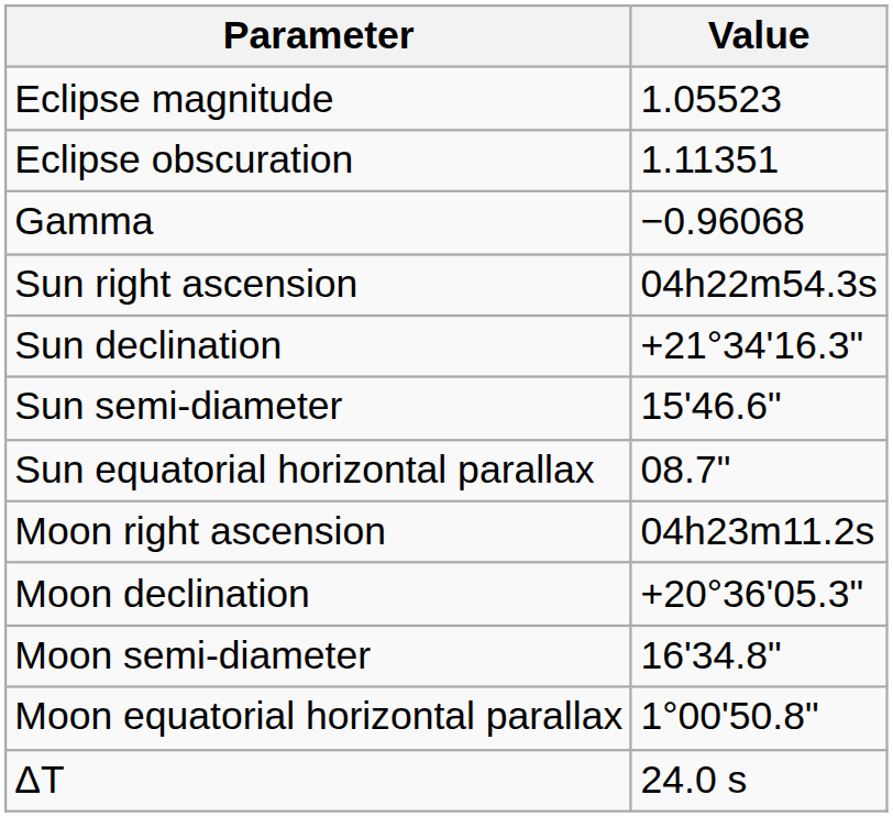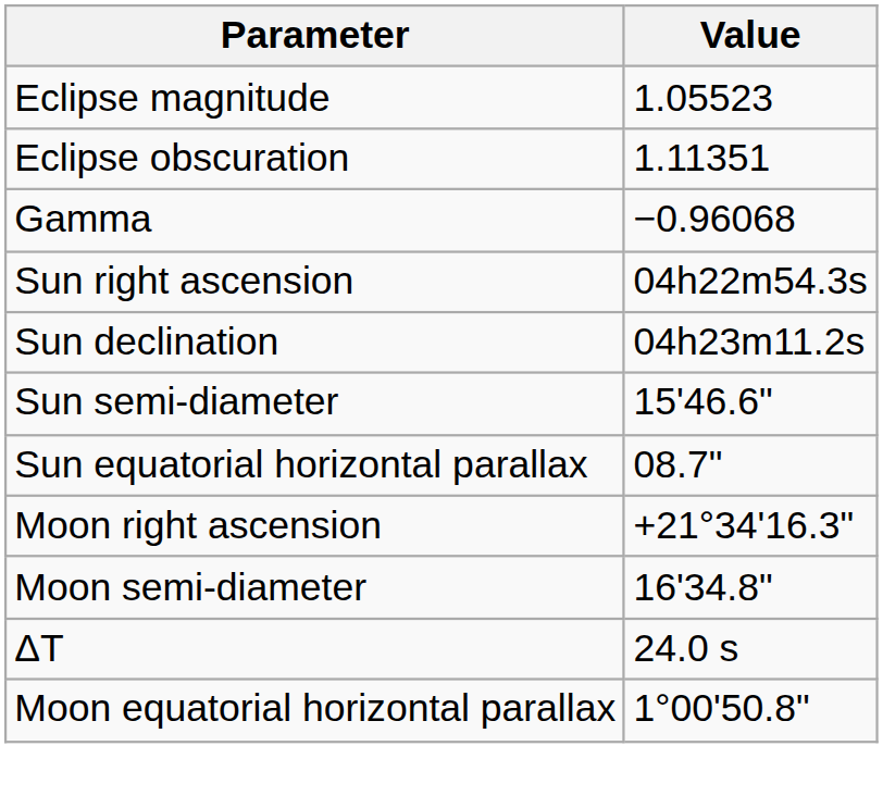 <table class="wikitable">
 <tr>
 <th>Parameter</th>
 <th>Value</th>
 </tr>
 <tr>
 <td>Eclipse magnitude</td>
 <td>1.05523</td>
 </tr>
 <tr>
 <td>Eclipse obscuration</td>
 <td>1.11351</td>
 </tr>
 <tr>
 <td>Gamma</td>
 <td>−0.96068</td>
 </tr>
 <tr>
 <td>Sun right ascension</td>
 <td>04h22m54.3s</td>
 </tr>
 <tr>
 <td>Sun declination</td>
-<td>+21°34'16.3"</td>
+<td>04h23m11.2s</td>
 </tr>
 <tr>
 <td>Sun semi-diameter</td>
 <td>15'46.6"</td>
 </tr>
 <tr>
 <td>Sun equatorial horizontal parallax</td>
 <td>08.7"</td>
 </tr>
 <tr>
 <td>Moon right ascension</td>
-<td>04h23m11.2s</td>
-</tr>
-<tr>
-<td>Moon declination</td>
-<td>+20°36'05.3"</td>
+<td>+21°34'16.3"</td>
 </tr>
 <tr>
 <td>Moon semi-diameter</td>
 <td>16'34.8"</td>
 </tr>
 <tr>
+<td>ΔT</td>
+<td>24.0 s</td>
+</tr>
+<tr>
 <td>Moon equatorial horizontal parallax</td>
 <td>1°00'50.8"</td>
 </tr>
-<tr>
-<td>ΔT</td>
-<td>24.0 s</td>
-</tr>
 </table>
